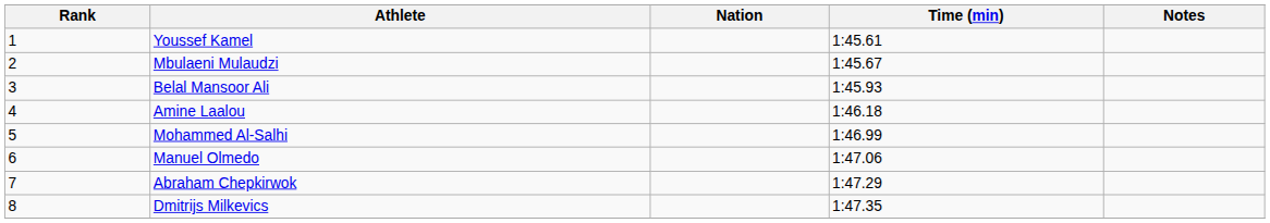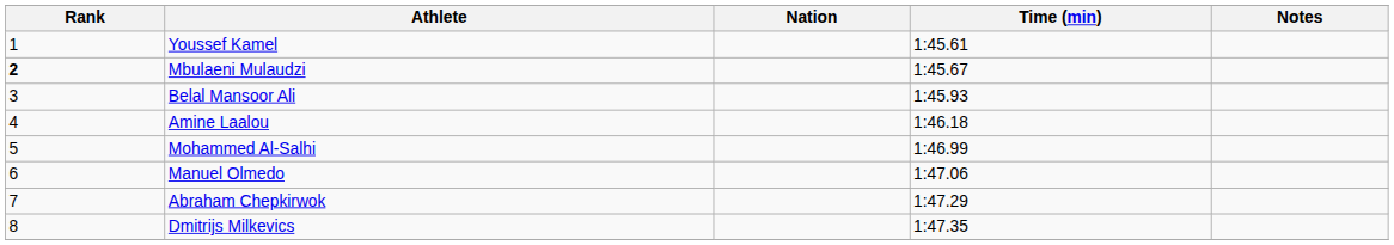 <table class="wikitable" width=85%>
 <tr>
 </tr>
 <tr>
 <th>Rank</th>
 <th>Athlete</th>
 <th>Nation</th>
 <th>Time (<a href='#'>min</a>)</th>
 <th>Notes</th>
 </tr>
 <tr>
 <td>1</td>
 <td><a href='#'>Youssef Kamel</a></td>
 <td></td>
 <td>1:45.61</td>
 <td></td>
 </tr>
 <tr>
-<td>2</td>
+<td><strong>2</strong></td>
 <td><a href='#'>Mbulaeni Mulaudzi</a></td>
 <td></td>
 <td>1:45.67</td>
 <td></td>
 </tr>
 <tr>
 <td>3</td>
 <td><a href='#'>Belal Mansoor Ali</a></td>
 <td></td>
 <td>1:45.93</td>
 <td></td>
 </tr>
 <tr>
 <td>4</td>
 <td><a href='#'>Amine Laalou</a></td>
 <td></td>
 <td>1:46.18</td>
 <td></td>
 </tr>
 <tr>
 <td>5</td>
 <td><a href='#'>Mohammed Al-Salhi</a></td>
 <td></td>
 <td>1:46.99</td>
 <td></td>
 </tr>
 <tr>
 <td>6</td>
 <td><a href='#'>Manuel Olmedo</a></td>
 <td></td>
 <td>1:47.06</td>
 <td></td>
 </tr>
 <tr>
 <td>7</td>
 <td><a href='#'>Abraham Chepkirwok</a></td>
 <td></td>
 <td>1:47.29</td>
 <td></td>
 </tr>
 <tr>
 <td>8</td>
 <td><a href='#'>Dmitrijs Milkevics</a></td>
 <td></td>
 <td>1:47.35</td>
 <td></td>
 </tr>
 <tr>
 </tr>
 </table>
